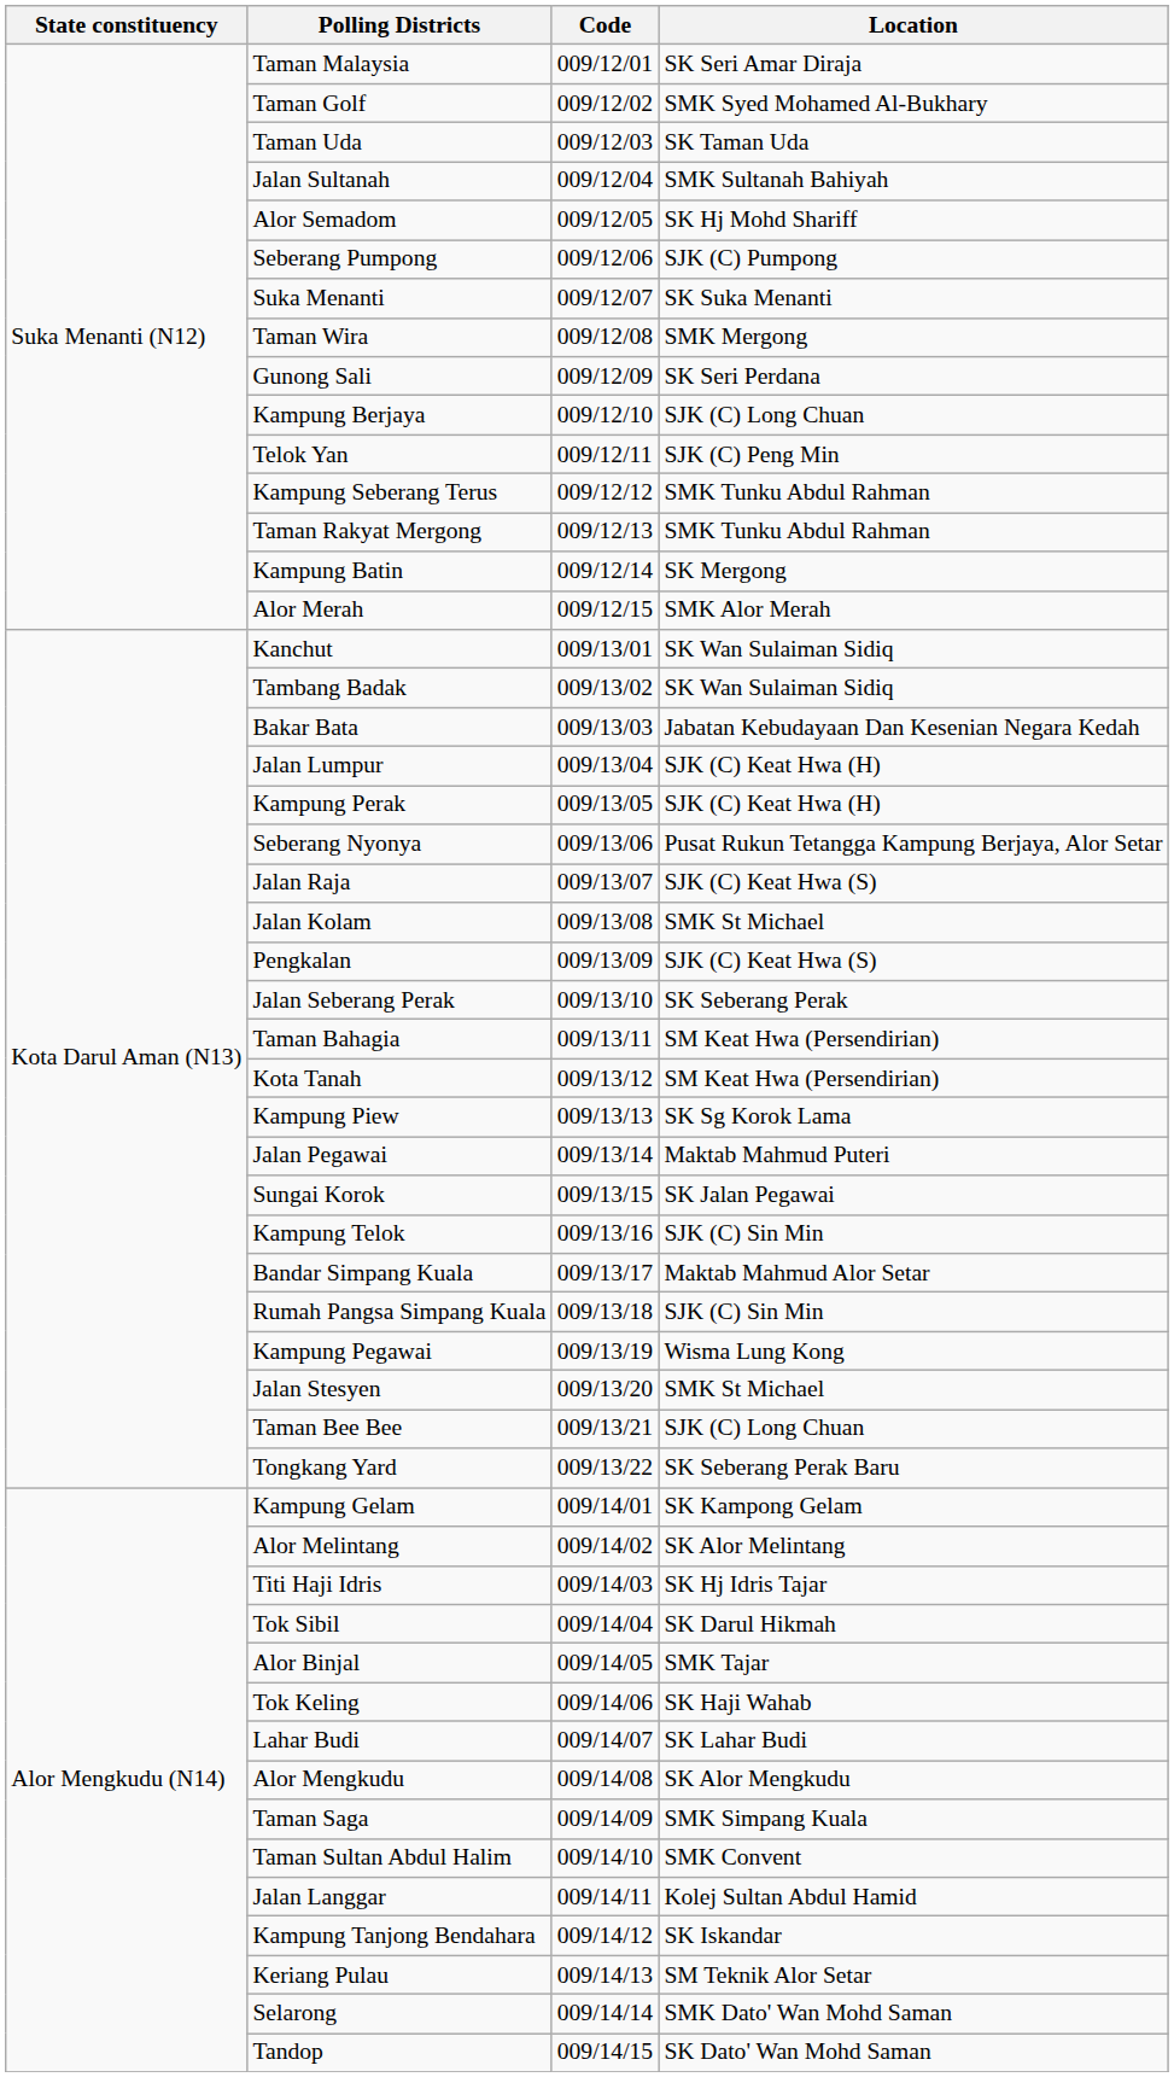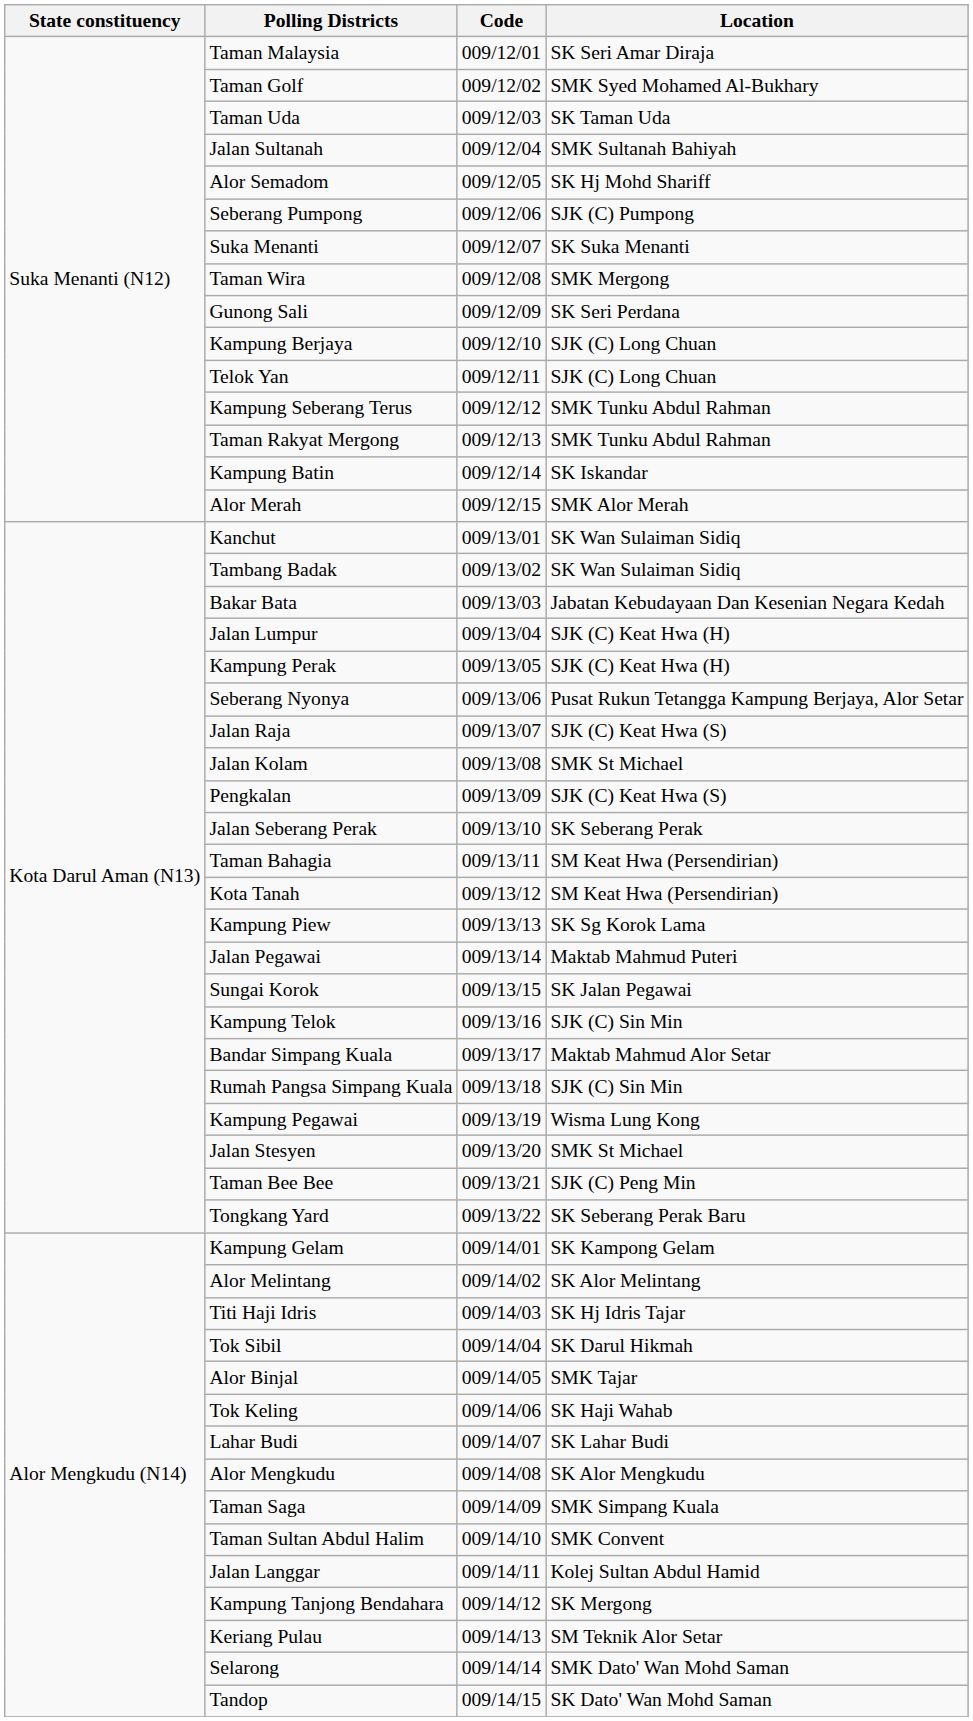 <table class="wikitable sortable mw-collapsible" style="white-space:nowrap;font-size:85%">
 <tr>
 <th>State constituency</th>
 <th>Polling Districts</th>
 <th>Code</th>
 <th>Location</th>
 </tr>
 <tr>
 <td rowspan="15">Suka Menanti (N12)</td>
 <td>Taman Malaysia</td>
 <td>009/12/01</td>
 <td>SK Seri Amar Diraja</td>
 </tr>
 <tr>
 <td>Taman Golf</td>
 <td>009/12/02</td>
 <td>SMK Syed Mohamed Al-Bukhary</td>
 </tr>
 <tr>
 <td>Taman Uda</td>
 <td>009/12/03</td>
 <td>SK Taman Uda</td>
 </tr>
 <tr>
 <td>Jalan Sultanah</td>
 <td>009/12/04</td>
 <td>SMK Sultanah Bahiyah</td>
 </tr>
 <tr>
 <td>Alor Semadom</td>
 <td>009/12/05</td>
 <td>SK Hj Mohd Shariff</td>
 </tr>
 <tr>
 <td>Seberang Pumpong</td>
 <td>009/12/06</td>
 <td>SJK (C) Pumpong</td>
 </tr>
 <tr>
 <td>Suka Menanti</td>
 <td>009/12/07</td>
 <td>SK Suka Menanti</td>
 </tr>
 <tr>
 <td>Taman Wira</td>
 <td>009/12/08</td>
 <td>SMK Mergong</td>
 </tr>
 <tr>
 <td>Gunong Sali</td>
 <td>009/12/09</td>
 <td>SK Seri Perdana</td>
 </tr>
 <tr>
 <td>Kampung Berjaya</td>
 <td>009/12/10</td>
 <td>SJK (C) Long Chuan</td>
 </tr>
 <tr>
 <td>Telok Yan</td>
 <td>009/12/11</td>
-<td>SJK (C) Peng Min</td>
+<td>SJK (C) Long Chuan</td>
 </tr>
 <tr>
 <td>Kampung Seberang Terus</td>
 <td>009/12/12</td>
 <td>SMK Tunku Abdul Rahman</td>
 </tr>
 <tr>
 <td>Taman Rakyat Mergong</td>
 <td>009/12/13</td>
 <td>SMK Tunku Abdul Rahman</td>
 </tr>
 <tr>
 <td>Kampung Batin</td>
 <td>009/12/14</td>
-<td>SK Mergong</td>
+<td>SK Iskandar</td>
 </tr>
 <tr>
 <td>Alor Merah</td>
 <td>009/12/15</td>
 <td>SMK Alor Merah</td>
 </tr>
 <tr>
 <td rowspan="22">Kota Darul Aman (N13)</td>
 <td>Kanchut</td>
 <td>009/13/01</td>
 <td>SK Wan Sulaiman Sidiq</td>
 </tr>
 <tr>
 <td>Tambang Badak</td>
 <td>009/13/02</td>
 <td>SK Wan Sulaiman Sidiq</td>
 </tr>
 <tr>
 <td>Bakar Bata</td>
 <td>009/13/03</td>
 <td>Jabatan Kebudayaan Dan Kesenian Negara Kedah</td>
 </tr>
 <tr>
 <td>Jalan Lumpur</td>
 <td>009/13/04</td>
 <td>SJK (C) Keat Hwa (H)</td>
 </tr>
 <tr>
 <td>Kampung Perak</td>
 <td>009/13/05</td>
 <td>SJK (C) Keat Hwa (H)</td>
 </tr>
 <tr>
 <td>Seberang Nyonya</td>
 <td>009/13/06</td>
 <td>Pusat Rukun Tetangga Kampung Berjaya, Alor Setar</td>
 </tr>
 <tr>
 <td>Jalan Raja</td>
 <td>009/13/07</td>
 <td>SJK (C) Keat Hwa (S)</td>
 </tr>
 <tr>
 <td>Jalan Kolam</td>
 <td>009/13/08</td>
 <td>SMK St Michael</td>
 </tr>
 <tr>
 <td>Pengkalan</td>
 <td>009/13/09</td>
 <td>SJK (C) Keat Hwa (S)</td>
 </tr>
 <tr>
 <td>Jalan Seberang Perak</td>
 <td>009/13/10</td>
 <td>SK Seberang Perak</td>
 </tr>
 <tr>
 <td>Taman Bahagia</td>
 <td>009/13/11</td>
 <td>SM Keat Hwa (Persendirian)</td>
 </tr>
 <tr>
 <td>Kota Tanah</td>
 <td>009/13/12</td>
 <td>SM Keat Hwa (Persendirian)</td>
 </tr>
 <tr>
 <td>Kampung Piew</td>
 <td>009/13/13</td>
 <td>SK Sg Korok Lama</td>
 </tr>
 <tr>
 <td>Jalan Pegawai</td>
 <td>009/13/14</td>
 <td>Maktab Mahmud Puteri</td>
 </tr>
 <tr>
 <td>Sungai Korok</td>
 <td>009/13/15</td>
 <td>SK Jalan Pegawai</td>
 </tr>
 <tr>
 <td>Kampung Telok</td>
 <td>009/13/16</td>
 <td>SJK (C) Sin Min</td>
 </tr>
 <tr>
 <td>Bandar Simpang Kuala</td>
 <td>009/13/17</td>
 <td>Maktab Mahmud Alor Setar</td>
 </tr>
 <tr>
 <td>Rumah Pangsa Simpang Kuala</td>
 <td>009/13/18</td>
 <td>SJK (C) Sin Min</td>
 </tr>
 <tr>
 <td>Kampung Pegawai</td>
 <td>009/13/19</td>
 <td>Wisma Lung Kong</td>
 </tr>
 <tr>
 <td>Jalan Stesyen</td>
 <td>009/13/20</td>
 <td>SMK St Michael</td>
 </tr>
 <tr>
 <td>Taman Bee Bee</td>
 <td>009/13/21</td>
-<td>SJK (C) Long Chuan</td>
+<td>SJK (C) Peng Min</td>
 </tr>
 <tr>
 <td>Tongkang Yard</td>
 <td>009/13/22</td>
 <td>SK Seberang Perak Baru</td>
 </tr>
 <tr>
 <td rowspan="15">Alor Mengkudu (N14)</td>
 <td>Kampung Gelam</td>
 <td>009/14/01</td>
 <td>SK Kampong Gelam</td>
 </tr>
 <tr>
 <td>Alor Melintang</td>
 <td>009/14/02</td>
 <td>SK Alor Melintang</td>
 </tr>
 <tr>
 <td>Titi Haji Idris</td>
 <td>009/14/03</td>
 <td>SK Hj Idris Tajar</td>
 </tr>
 <tr>
 <td>Tok Sibil</td>
 <td>009/14/04</td>
 <td>SK Darul Hikmah</td>
 </tr>
 <tr>
 <td>Alor Binjal</td>
 <td>009/14/05</td>
 <td>SMK Tajar</td>
 </tr>
 <tr>
 <td>Tok Keling</td>
 <td>009/14/06</td>
 <td>SK Haji Wahab</td>
 </tr>
 <tr>
 <td>Lahar Budi</td>
 <td>009/14/07</td>
 <td>SK Lahar Budi</td>
 </tr>
 <tr>
 <td>Alor Mengkudu</td>
 <td>009/14/08</td>
 <td>SK Alor Mengkudu</td>
 </tr>
 <tr>
 <td>Taman Saga</td>
 <td>009/14/09</td>
 <td>SMK Simpang Kuala</td>
 </tr>
 <tr>
 <td>Taman Sultan Abdul Halim</td>
 <td>009/14/10</td>
 <td>SMK Convent</td>
 </tr>
 <tr>
 <td>Jalan Langgar</td>
 <td>009/14/11</td>
 <td>Kolej Sultan Abdul Hamid</td>
 </tr>
 <tr>
 <td>Kampung Tanjong Bendahara</td>
 <td>009/14/12</td>
-<td>SK Iskandar</td>
+<td>SK Mergong</td>
 </tr>
 <tr>
 <td>Keriang Pulau</td>
 <td>009/14/13</td>
 <td>SM Teknik Alor Setar</td>
 </tr>
 <tr>
 <td>Selarong</td>
 <td>009/14/14</td>
 <td>SMK Dato' Wan Mohd Saman</td>
 </tr>
 <tr>
 <td>Tandop</td>
 <td>009/14/15</td>
 <td>SK Dato' Wan Mohd Saman</td>
 </tr>
 </table>
